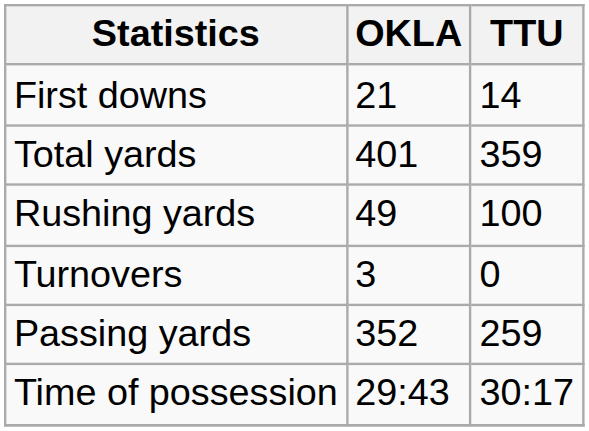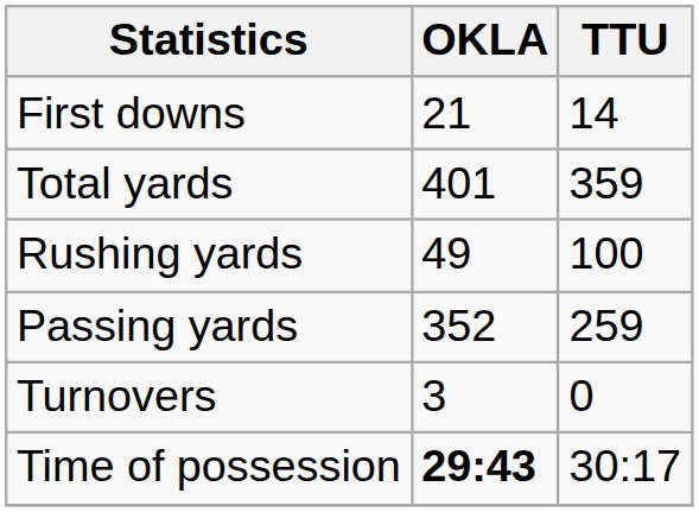 <table class="wikitable">
 <tr>
 <th>Statistics</th>
 <th>OKLA</th>
 <th>TTU</th>
 </tr>
 <tr>
 <td>First downs</td>
 <td>21</td>
 <td>14</td>
 </tr>
 <tr>
 <td>Total yards</td>
 <td>401</td>
 <td>359</td>
 </tr>
 <tr>
 <td>Rushing yards</td>
 <td>49</td>
 <td>100</td>
 </tr>
 <tr>
+<td>Passing yards</td>
+<td>352</td>
+<td>259</td>
+</tr>
+<tr>
 <td>Turnovers</td>
 <td>3</td>
 <td>0</td>
 </tr>
 <tr>
-<td>Passing yards</td>
-<td>352</td>
-<td>259</td>
-</tr>
-<tr>
 <td>Time of possession</td>
-<td>29:43</td>
+<td><strong>29:43</strong></td>
 <td>30:17</td>
 </tr>
 <tr>
 </tr>
 </table>
